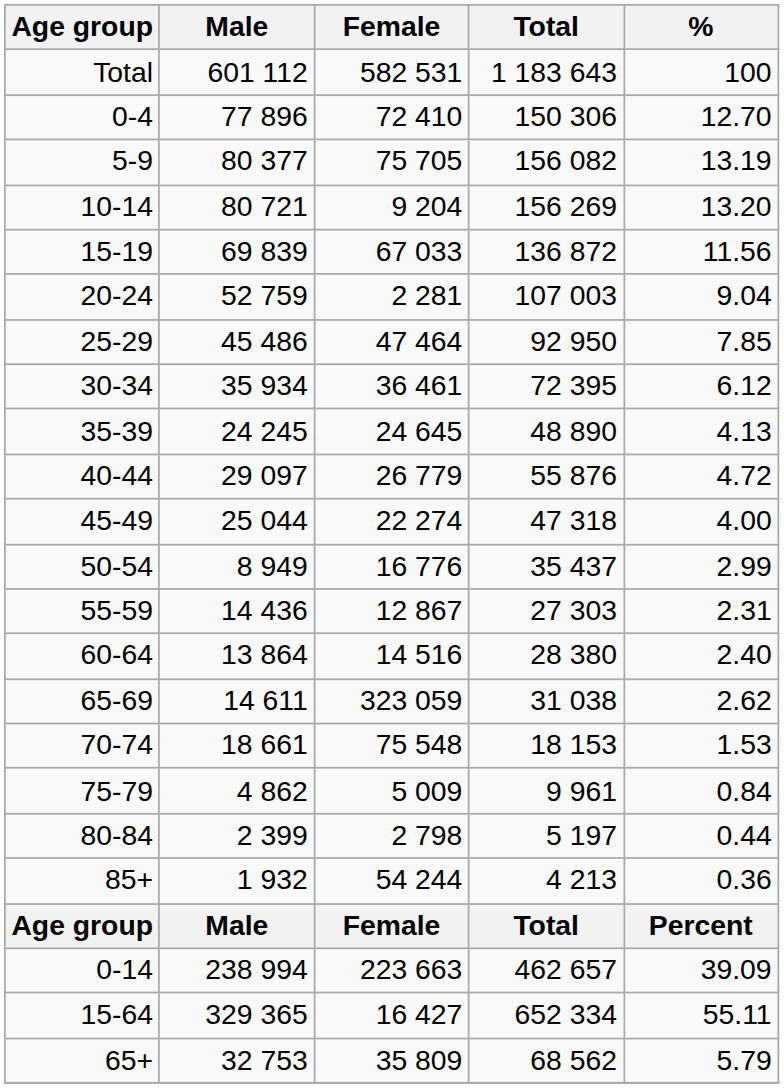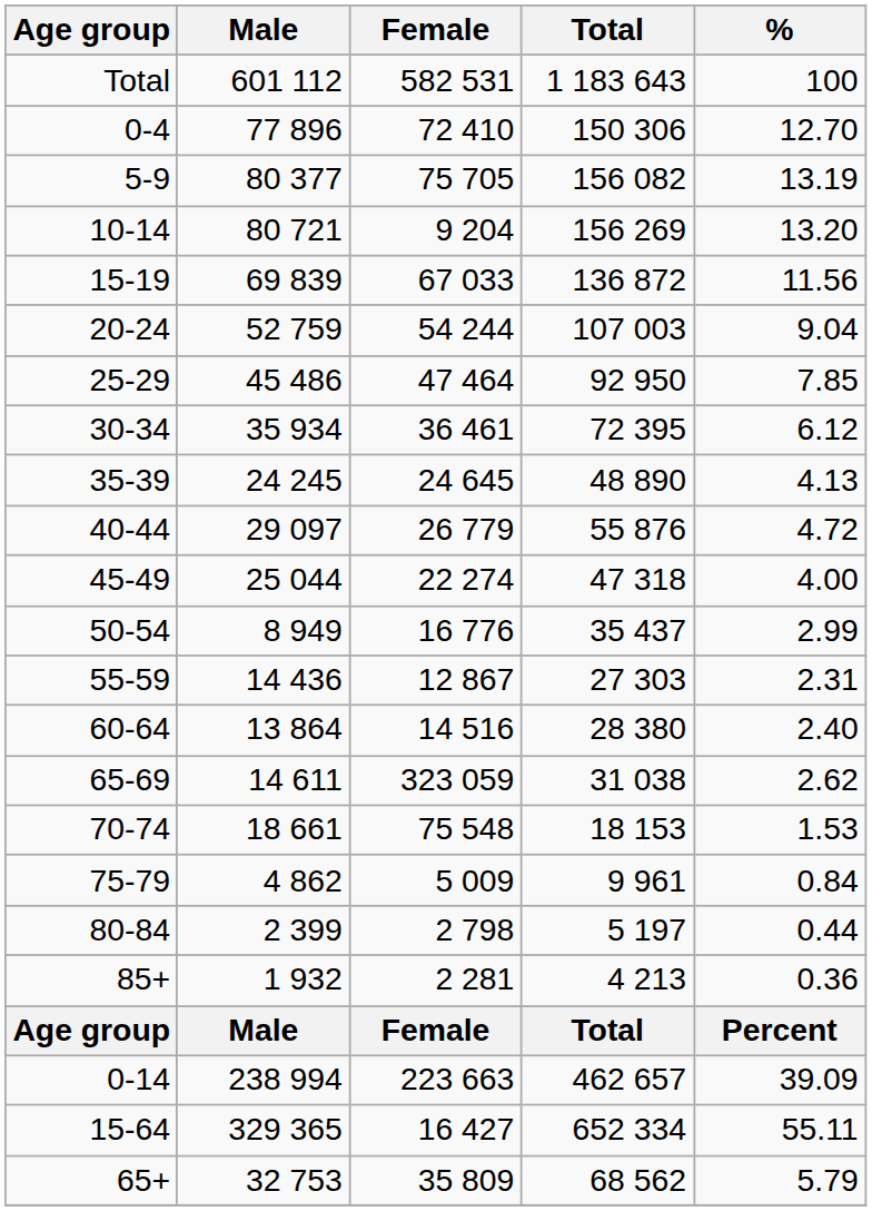 <table class="wikitable">
 <tr>
 <th width="80pt">Age group</th>
 <th width="80pt">Male</th>
 <th width="80pt">Female</th>
 <th width="80pt">Total</th>
 <th width="80pt">%</th>
 </tr>
 <tr>
 <td align="right">Total</td>
 <td align="right">601 112</td>
 <td align="right">582 531</td>
 <td align="right">1 183 643</td>
 <td align="right">100</td>
 </tr>
 <tr>
 <td align="right">0-4</td>
 <td align="right">77 896</td>
 <td align="right">72 410</td>
 <td align="right">150 306</td>
 <td align="right">12.70</td>
 </tr>
 <tr>
 <td align="right">5-9</td>
 <td align="right">80 377</td>
 <td align="right">75 705</td>
 <td align="right">156 082</td>
 <td align="right">13.19</td>
 </tr>
 <tr>
 <td align="right">10-14</td>
 <td align="right">80 721</td>
 <td align="right">9 204</td>
 <td align="right">156 269</td>
 <td align="right">13.20</td>
 </tr>
 <tr>
 <td align="right">15-19</td>
 <td align="right">69 839</td>
 <td align="right">67 033</td>
 <td align="right">136 872</td>
 <td align="right">11.56</td>
 </tr>
 <tr>
 <td align="right">20-24</td>
 <td align="right">52 759</td>
-<td align="right">2 281</td>
+<td align="right">54 244</td>
 <td align="right">107 003</td>
 <td align="right">9.04</td>
 </tr>
 <tr>
 <td align="right">25-29</td>
 <td align="right">45 486</td>
 <td align="right">47 464</td>
 <td align="right">92 950</td>
 <td align="right">7.85</td>
 </tr>
 <tr>
 <td align="right">30-34</td>
 <td align="right">35 934</td>
 <td align="right">36 461</td>
 <td align="right">72 395</td>
 <td align="right">6.12</td>
 </tr>
 <tr>
 <td align="right">35-39</td>
 <td align="right">24 245</td>
 <td align="right">24 645</td>
 <td align="right">48 890</td>
 <td align="right">4.13</td>
 </tr>
 <tr>
 <td align="right">40-44</td>
 <td align="right">29 097</td>
 <td align="right">26 779</td>
 <td align="right">55 876</td>
 <td align="right">4.72</td>
 </tr>
 <tr>
 <td align="right">45-49</td>
 <td align="right">25 044</td>
 <td align="right">22 274</td>
 <td align="right">47 318</td>
 <td align="right">4.00</td>
 </tr>
 <tr>
 <td align="right">50-54</td>
 <td align="right">8 949</td>
 <td align="right">16 776</td>
 <td align="right">35 437</td>
 <td align="right">2.99</td>
 </tr>
 <tr>
 <td align="right">55-59</td>
 <td align="right">14 436</td>
 <td align="right">12 867</td>
 <td align="right">27 303</td>
 <td align="right">2.31</td>
 </tr>
 <tr>
 <td align="right">60-64</td>
 <td align="right">13 864</td>
 <td align="right">14 516</td>
 <td align="right">28 380</td>
 <td align="right">2.40</td>
 </tr>
 <tr>
 <td align="right">65-69</td>
 <td align="right">14 611</td>
 <td align="right">323 059</td>
 <td align="right">31 038</td>
 <td align="right">2.62</td>
 </tr>
 <tr>
 <td align="right">70-74</td>
 <td align="right">18 661</td>
 <td align="right">75 548</td>
 <td align="right">18 153</td>
 <td align="right">1.53</td>
 </tr>
 <tr>
 <td align="right">75-79</td>
 <td align="right">4 862</td>
 <td align="right">5 009</td>
 <td align="right">9 961</td>
 <td align="right">0.84</td>
 </tr>
 <tr>
 <td align="right">80-84</td>
 <td align="right">2 399</td>
 <td align="right">2 798</td>
 <td align="right">5 197</td>
 <td align="right">0.44</td>
 </tr>
 <tr>
 <td align="right">85+</td>
 <td align="right">1 932</td>
-<td align="right">54 244</td>
+<td align="right">2 281</td>
 <td align="right">4 213</td>
 <td align="right">0.36</td>
 </tr>
 <tr>
 <th width="50">Age group</th>
 <th width="80pt">Male</th>
 <th width="80">Female</th>
 <th width="80">Total</th>
 <th width="50">Percent</th>
 </tr>
 <tr>
 <td align="right">0-14</td>
 <td align="right">238 994</td>
 <td align="right">223 663</td>
 <td align="right">462 657</td>
 <td align="right">39.09</td>
 </tr>
 <tr>
 <td align="right">15-64</td>
 <td align="right">329 365</td>
 <td align="right">16 427</td>
 <td align="right">652 334</td>
 <td align="right">55.11</td>
 </tr>
 <tr>
 <td align="right">65+</td>
 <td align="right">32 753</td>
 <td align="right">35 809</td>
 <td align="right">68 562</td>
 <td align="right">5.79</td>
 </tr>
 <tr>
 </tr>
 </table>
